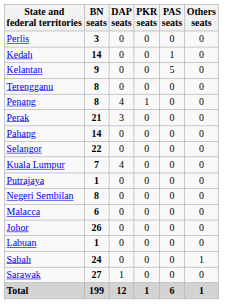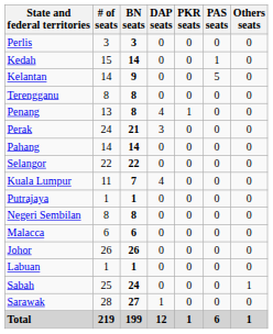 <table class="wikitable sortable" style="text-align:center">
 <tr>
 <th>State and<br>federal territories</th>
+<th># of<br>seats</th>
 <th>BN<br>seats</th>
 <th>DAP<br>seats</th>
 <th>PKR<br>seats</th>
 <th>PAS<br>seats</th>
 <th>Others<br>seats</th>
 </tr>
 <tr>
 <td style="text-align:left"> <a href='#'>Perlis</a></td>
+<td>3</td>
 <td><strong>3</strong></td>
 <td>0</td>
 <td>0</td>
 <td>0</td>
 <td>0</td>
 </tr>
 <tr>
 <td style="text-align:left"> <a href='#'>Kedah</a></td>
+<td>15</td>
 <td><strong>14</strong></td>
 <td>0</td>
 <td>0</td>
 <td>1</td>
 <td>0</td>
 </tr>
 <tr>
 <td style="text-align:left"> <a href='#'>Kelantan</a></td>
+<td>14</td>
 <td><strong>9</strong></td>
 <td>0</td>
 <td>0</td>
 <td>5</td>
 <td>0</td>
 </tr>
 <tr>
 <td style="text-align:left"> <a href='#'>Terengganu</a></td>
+<td>8</td>
 <td><strong>8</strong></td>
 <td>0</td>
 <td>0</td>
 <td>0</td>
 <td>0</td>
 </tr>
 <tr>
 <td style="text-align:left"> <a href='#'>Penang</a></td>
+<td>13</td>
 <td><strong>8</strong></td>
 <td>4</td>
 <td>1</td>
 <td>0</td>
 <td>0</td>
 </tr>
 <tr>
 <td style="text-align:left"> <a href='#'>Perak</a></td>
+<td>24</td>
 <td><strong>21</strong></td>
 <td>3</td>
 <td>0</td>
 <td>0</td>
 <td>0</td>
 </tr>
 <tr>
 <td style="text-align:left"> <a href='#'>Pahang</a></td>
+<td>14</td>
 <td><strong>14</strong></td>
 <td>0</td>
 <td>0</td>
 <td>0</td>
 <td>0</td>
 </tr>
 <tr>
 <td style="text-align:left"> <a href='#'>Selangor</a></td>
+<td>22</td>
 <td><strong>22</strong></td>
 <td>0</td>
 <td>0</td>
 <td>0</td>
 <td>0</td>
 </tr>
 <tr>
 <td style="text-align:left"> <a href='#'>Kuala Lumpur</a></td>
+<td>11</td>
 <td><strong>7</strong></td>
 <td>4</td>
 <td>0</td>
 <td>0</td>
 <td>0</td>
 </tr>
 <tr>
 <td style="text-align:left"> <a href='#'>Putrajaya</a></td>
+<td>1</td>
 <td><strong>1</strong></td>
 <td>0</td>
 <td>0</td>
 <td>0</td>
 <td>0</td>
 </tr>
 <tr>
 <td style="text-align:left"> <a href='#'>Negeri Sembilan</a></td>
+<td>8</td>
 <td><strong>8</strong></td>
 <td>0</td>
 <td>0</td>
 <td>0</td>
 <td>0</td>
 </tr>
 <tr>
 <td style="text-align:left"> <a href='#'>Malacca</a></td>
+<td>6</td>
 <td><strong>6</strong></td>
 <td>0</td>
 <td>0</td>
 <td>0</td>
 <td>0</td>
 </tr>
 <tr>
 <td style="text-align:left"> <a href='#'>Johor</a></td>
+<td>26</td>
 <td><strong>26</strong></td>
 <td>0</td>
 <td>0</td>
 <td>0</td>
 <td>0</td>
 </tr>
 <tr>
 <td style="text-align:left"> <a href='#'>Labuan</a></td>
+<td>1</td>
 <td><strong>1</strong></td>
 <td>0</td>
 <td>0</td>
 <td>0</td>
 <td>0</td>
 </tr>
 <tr>
 <td style="text-align:left"> <a href='#'>Sabah</a></td>
+<td>25</td>
 <td><strong>24</strong></td>
 <td>0</td>
 <td>0</td>
 <td>0</td>
 <td>1 <small></small></td>
 </tr>
 <tr>
 <td style="text-align:left"> <a href='#'>Sarawak</a></td>
+<td>28</td>
 <td><strong>27</strong></td>
 <td>1</td>
 <td>0</td>
 <td>0</td>
 <td>0</td>
 </tr>
 <tr class="sortbottom" bgcolor="lightgrey">
 <td style="text-align:left"><strong>Total</strong></td>
+<td><strong>219</strong></td>
 <td><span><strong>199</strong></span></td>
 <td><span><strong>12</strong></span></td>
 <td><span><strong>1</strong></span></td>
 <td><span><strong>6</strong></span></td>
 <td><strong>1</strong></td>
 </tr>
 </table>
